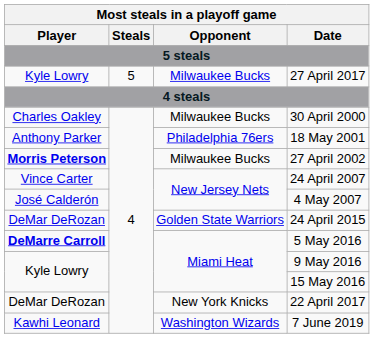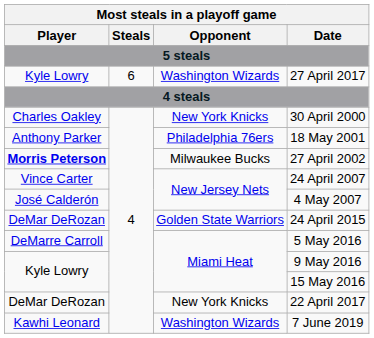 <table class="wikitable" style="text-align:center">
 <tr>
 <th colspan="4">Most steals in a playoff game</th>
 </tr>
 <tr>
 <th>Player</th>
 <th>Steals</th>
 <th>Opponent</th>
 <th>Date</th>
 </tr>
 <tr>
 <th colspan="4" style="text-align:center; background:#A1A1A4; color:#061922;">5 steals</th>
 </tr>
 <tr>
 <td><a href='#'>Kyle Lowry</a></td>
-<td>5</td>
-<td><a href='#'>Milwaukee Bucks</a></td>
+<td>6</td>
+<td><a href='#'>Washington Wizards</a></td>
 <td>27 April 2017</td>
 </tr>
 <tr>
 <th colspan="4" style="text-align:center; background:#A1A1A4; color:#061922;">4 steals</th>
 </tr>
 <tr>
 <td><a href='#'>Charles Oakley</a></td>
 <td rowspan=11>4</td>
-<td>Milwaukee Bucks</td>
+<td><a href='#'>New York Knicks</a></td>
 <td>30 April 2000</td>
 </tr>
 <tr>
 <td><a href='#'>Anthony Parker</a></td>
 <td><a href='#'>Philadelphia 76ers</a></td>
 <td>18 May 2001</td>
 </tr>
 <tr>
 <td><strong><a href='#'>Morris Peterson</a></strong></td>
 <td>Milwaukee Bucks</td>
 <td>27 April 2002</td>
 </tr>
 <tr>
 <td><a href='#'>Vince Carter</a></td>
 <td rowspan=2><a href='#'>New Jersey Nets</a></td>
 <td>24 April 2007</td>
 </tr>
 <tr>
 <td><a href='#'>José Calderón</a></td>
 <td>4 May 2007</td>
 </tr>
 <tr>
 <td><a href='#'>DeMar DeRozan</a></td>
 <td><a href='#'>Golden State Warriors</a></td>
 <td>24 April 2015</td>
 </tr>
 <tr>
-<td><strong><a href='#'>DeMarre Carroll</a></strong></td>
+<td><a href='#'>DeMarre Carroll</a></td>
 <td rowspan=3><a href='#'>Miami Heat</a></td>
 <td>5 May 2016</td>
 </tr>
 <tr>
 <td rowspan=2>Kyle Lowry</td>
 <td>9 May 2016</td>
 </tr>
 <tr>
 <td>15 May 2016</td>
 </tr>
 <tr>
 <td>DeMar DeRozan</td>
 <td>New York Knicks</td>
 <td>22 April 2017</td>
 </tr>
 <tr>
 <td><a href='#'>Kawhi Leonard</a></td>
 <td><a href='#'>Washington Wizards</a></td>
 <td>7 June 2019</td>
 </tr>
 </table>
